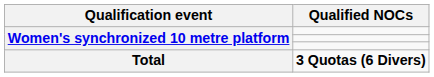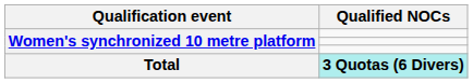 <table class="wikitable">
 <tr>
 <th>Qualification event</th>
 <th>Qualified NOCs</th>
 </tr>
 <tr>
 <th rowspan="3"><a href='#'>Women's synchronized 10 metre platform</a></th>
 <td></td>
 </tr>
 <tr>
 <td></td>
 </tr>
 <tr>
 <td></td>
 </tr>
 <tr>
 <th>Total</th>
-<td><strong>3 Quotas (6 Divers)</strong></td>
+<td style="background: paleturquoise;"><strong>3 Quotas (6 Divers)</strong></td>
 </tr>
 </table>
